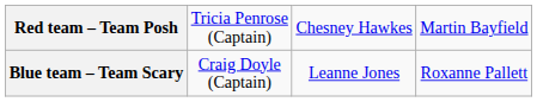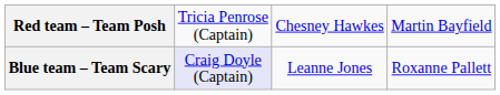 <table class="wikitable" style="text-align:center">
 <tr>
 <th scope="row">Red team – Team Posh</th>
 <td><a href='#'>Tricia Penrose</a><br>(Captain)</td>
 <td><a href='#'>Chesney Hawkes</a></td>
 <td><a href='#'>Martin Bayfield</a></td>
 </tr>
 <tr>
 <th scope="row">Blue team – Team Scary</th>
-<td><a href='#'>Craig Doyle</a><br>(Captain)</td>
+<td style="background: lavender;"><a href='#'>Craig Doyle</a><br>(Captain)</td>
 <td><a href='#'>Leanne Jones</a></td>
 <td><a href='#'>Roxanne Pallett</a></td>
 </tr>
 </table>
